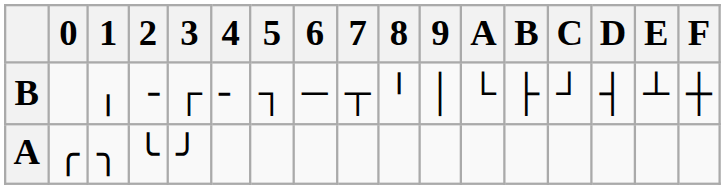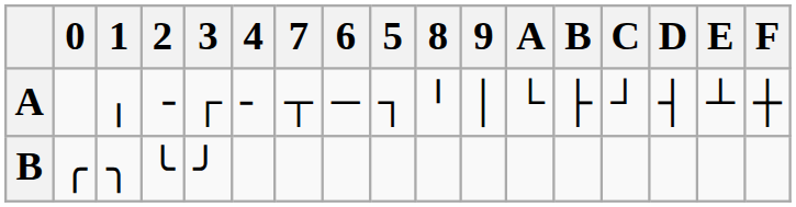 <table class="wikitable">
 <tr>
 <th></th>
 <th>0</th>
 <th>1</th>
 <th>2</th>
 <th>3</th>
 <th>4</th>
+<th>7</th>
+<th>6</th>
 <th>5</th>
-<th>6</th>
-<th>7</th>
 <th>8</th>
 <th>9</th>
 <th>A</th>
 <th>B</th>
 <th>C</th>
 <th>D</th>
 <th>E</th>
 <th>F</th>
 </tr>
 <tr>
-<th>B</th>
+<th>A</th>
 <td></td>
 <td>╷</td>
 <td>╶</td>
 <td>┌</td>
 <td>╴</td>
+<td>┬</td>
+<td>─</td>
 <td>┐</td>
-<td>─</td>
-<td>┬</td>
 <td>╵</td>
 <td>│</td>
 <td>└</td>
 <td>├</td>
 <td>┘</td>
 <td>┤</td>
 <td>┴</td>
 <td>┼</td>
 </tr>
 <tr>
-<th>A</th>
+<th>B</th>
 <td>╭</td>
 <td>╮</td>
 <td>╰</td>
 <td>╯</td>
 <td></td>
 <td></td>
 <td></td>
 <td></td>
 <td></td>
 <td></td>
 <td></td>
 <td></td>
 <td></td>
 <td></td>
 <td></td>
 <td></td>
 </tr>
 </table>
